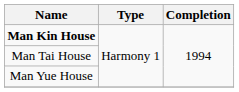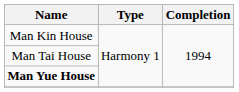 <table class="wikitable" style="text-align: center">
 <tr>
 <th>Name </th>
 <th>Type</th>
 <th>Completion</th>
 </tr>
 <tr>
-<td><strong>Man Kin House</strong></td>
+<td>Man Kin House</td>
 <td rowspan="3">Harmony 1</td>
 <td rowspan="3">1994</td>
 </tr>
 <tr>
 <td>Man Tai House</td>
 </tr>
 <tr>
-<td>Man Yue House</td>
+<td><strong>Man Yue House</strong></td>
 </tr>
 <tr>
 </tr>
 </table>
